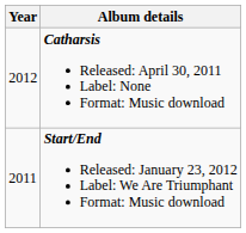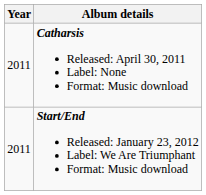 <table class="wikitable">
 <tr>
 <th>Year</th>
 <th>Album details</th>
 </tr>
 <tr>
-<td>2012</td>
+<td>2011</td>
 <td><strong><em>Catharsis</em></strong><br><ul><li>Released: April 30, 2011</li><li>Label: None</li><li>Format: Music download</li></ul></td>
 </tr>
 <tr>
 <td>2011</td>
 <td><strong><em>Start/End</em></strong><br><ul><li>Released: January 23, 2012</li><li>Label: We Are Triumphant</li><li>Format: Music download</li></ul></td>
 </tr>
 </table>
